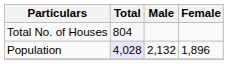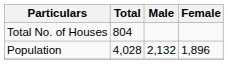 <table class="wikitable sortable">
 <tr>
 <th>Particulars</th>
 <th>Total</th>
 <th>Male</th>
 <th>Female</th>
 </tr>
 <tr>
 <td>Total No. of Houses</td>
 <td>804</td>
 <td></td>
 <td></td>
 </tr>
 <tr>
 <td>Population</td>
-<td style="background: lavender;">4,028</td>
+<td>4,028</td>
 <td>2,132</td>
 <td>1,896</td>
 </tr>
 <tr>
 </tr>
 </table>
